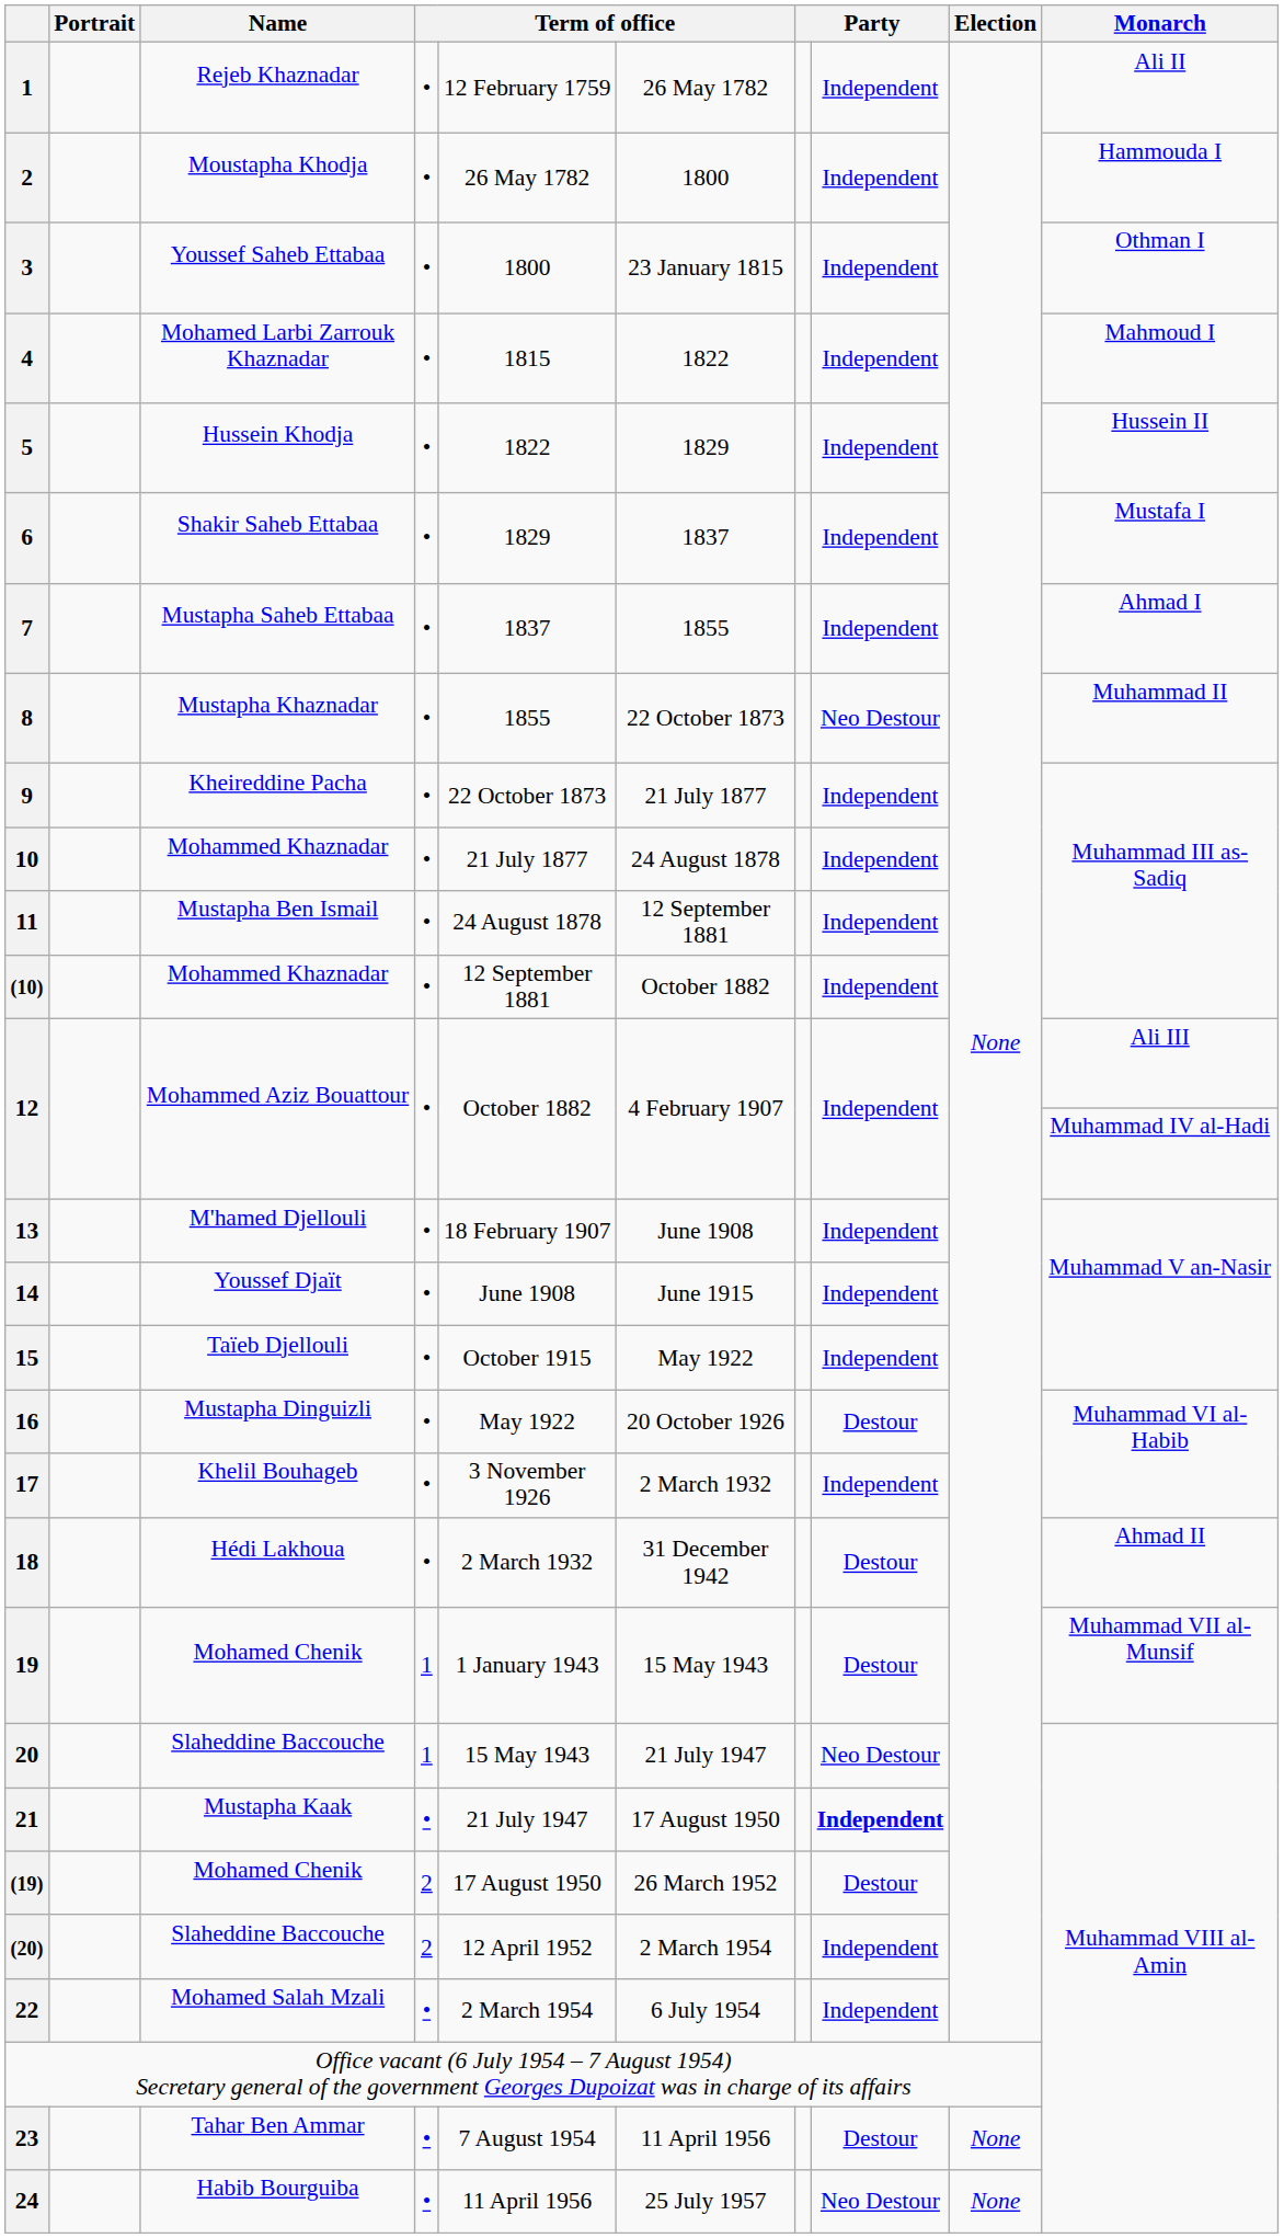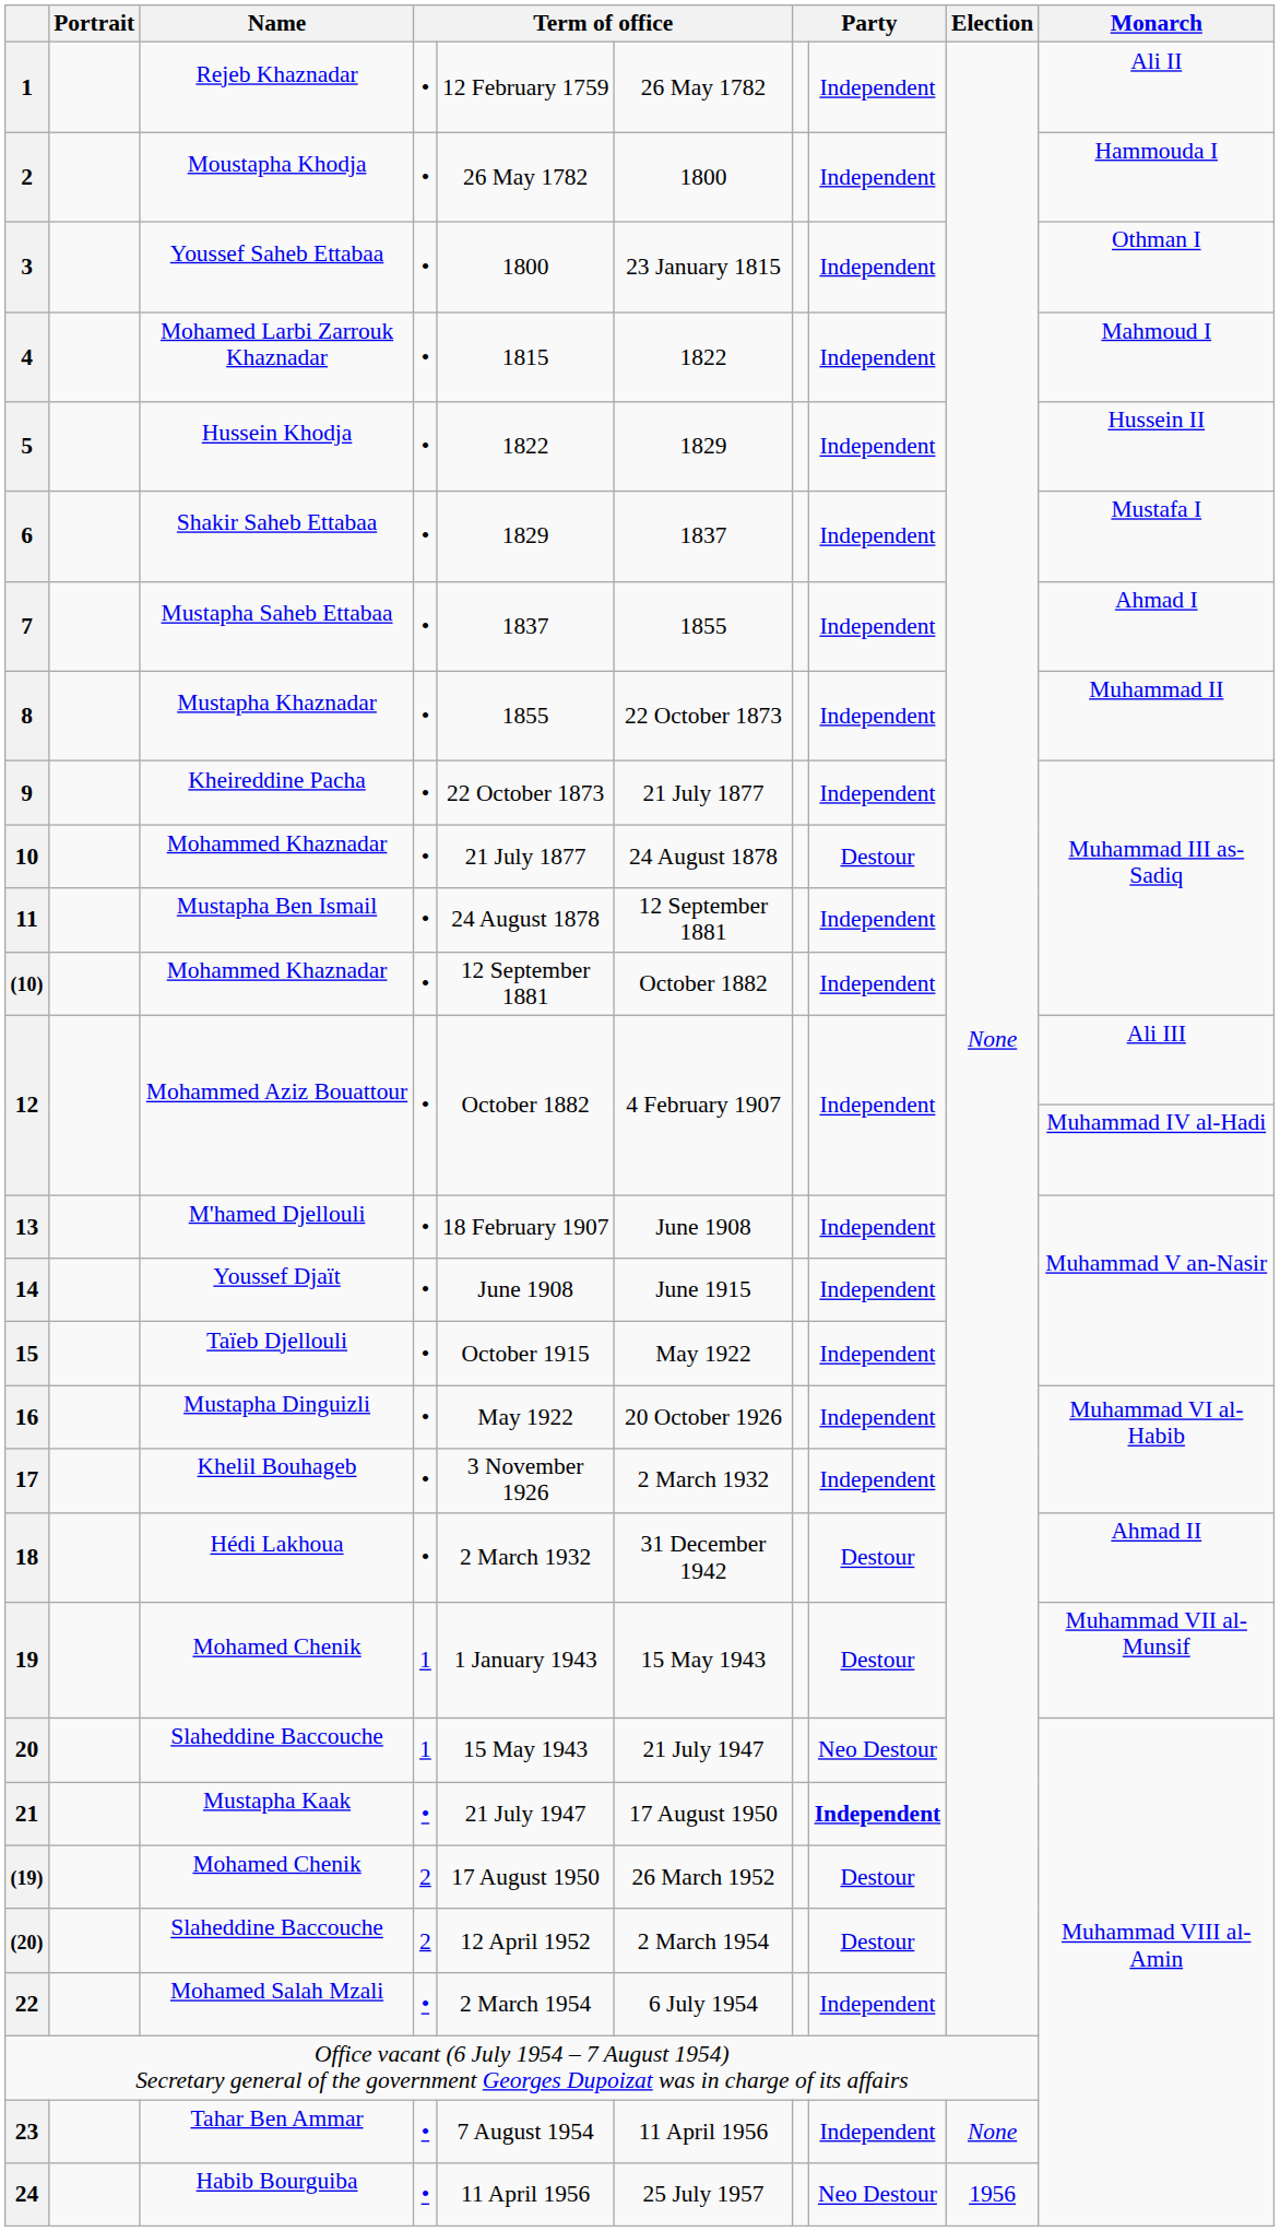 <table class="wikitable" style="text-align:center">
 <tr>
 <th></th>
 <th>Portrait</th>
 <th width=180>Name<br></th>
 <th colspan=3>Term of office</th>
 <th colspan=2>Party</th>
 <th>Election</th>
 <th><a href='#'>Monarch<br></a></th>
 </tr>
 <tr>
 <th>1</th>
 <td></td>
 <td><a href='#'>Rejeb Khaznadar</a><br><br></td>
 <td>•</td>
 <td>12 February 1759</td>
 <td>26 May 1782</td>
 <td style="background:"> </td>
 <td><a href='#'>Independent</a></td>
 <td rowspan="26"><em><a href='#'>None</a></em></td>
 <td><a href='#'>Ali II</a><br><br><br></td>
 </tr>
 <tr>
 <th>2</th>
 <td></td>
 <td><a href='#'>Moustapha Khodja</a><br><br></td>
 <td>•</td>
 <td>26 May 1782</td>
 <td>1800</td>
 <td style="background:"> </td>
 <td><a href='#'>Independent</a></td>
 <td><a href='#'>Hammouda I</a><br><br><br></td>
 </tr>
 <tr>
 <th>3</th>
 <td></td>
 <td><a href='#'>Youssef Saheb Ettabaa</a><br><br></td>
 <td>•</td>
 <td>1800</td>
 <td>23 January 1815</td>
 <td style="background:"> </td>
 <td><a href='#'>Independent</a></td>
 <td><a href='#'>Othman I</a><br><br><br></td>
 </tr>
 <tr>
 <th>4</th>
 <td></td>
 <td><a href='#'>Mohamed Larbi Zarrouk Khaznadar</a><br><br></td>
 <td>•</td>
 <td>1815</td>
 <td>1822</td>
 <td style="background:"> </td>
 <td><a href='#'>Independent</a></td>
 <td><a href='#'>Mahmoud I</a><br><br><br></td>
 </tr>
 <tr>
 <th>5</th>
 <td></td>
 <td><a href='#'>Hussein Khodja</a><br><br></td>
 <td>•</td>
 <td>1822</td>
 <td>1829</td>
 <td style="background:"> </td>
 <td><a href='#'>Independent</a></td>
 <td><a href='#'>Hussein II</a><br><br><br></td>
 </tr>
 <tr>
 <th>6</th>
 <td></td>
 <td><a href='#'>Shakir Saheb Ettabaa</a><br><br></td>
 <td>•</td>
 <td>1829</td>
 <td>1837</td>
 <td style="background:"> </td>
 <td><a href='#'>Independent</a></td>
 <td><a href='#'>Mustafa I</a><br><br> <br></td>
 </tr>
 <tr>
 <th>7</th>
 <td></td>
 <td><a href='#'>Mustapha Saheb Ettabaa</a><br><br></td>
 <td>•</td>
 <td>1837</td>
 <td>1855</td>
 <td style="background:"> </td>
 <td><a href='#'>Independent</a></td>
 <td><a href='#'>Ahmad I</a><br><br><br></td>
 </tr>
 <tr>
 <th>8</th>
 <td></td>
 <td><a href='#'>Mustapha Khaznadar</a><br><br></td>
 <td>•</td>
 <td>1855</td>
 <td>22 October 1873</td>
 <td style="background:"> </td>
-<td><a href='#'>Neo Destour</a></td>
+<td><a href='#'>Independent</a></td>
 <td><a href='#'>Muhammad II</a><br><br><br></td>
 </tr>
 <tr>
 <th>9</th>
 <td></td>
 <td><a href='#'>Kheireddine Pacha</a><br><br></td>
 <td>•</td>
 <td>22 October 1873</td>
 <td>21 July 1877</td>
 <td style="background:"> </td>
 <td><a href='#'>Independent</a></td>
 <td rowspan="4"><a href='#'>Muhammad III as-Sadiq</a><br><br><br></td>
 </tr>
 <tr>
 <th>10</th>
 <td></td>
 <td><a href='#'>Mohammed Khaznadar</a><br><br></td>
 <td>•</td>
 <td>21 July 1877</td>
 <td>24 August 1878</td>
 <td style="background:"> </td>
-<td><a href='#'>Independent</a></td>
+<td><a href='#'>Destour</a></td>
 </tr>
 <tr>
 <th>11</th>
 <td></td>
 <td><a href='#'>Mustapha Ben Ismail</a><br><br></td>
 <td>•</td>
 <td>24 August 1878</td>
 <td>12 September 1881</td>
 <td style="background:"> </td>
 <td><a href='#'>Independent</a></td>
 </tr>
 <tr>
 <th><small>(10)</small></th>
 <td></td>
 <td><a href='#'>Mohammed Khaznadar</a><br><br></td>
 <td>•</td>
 <td>12 September 1881</td>
 <td>October 1882</td>
 <td style="background:"> </td>
 <td><a href='#'>Independent</a></td>
 </tr>
 <tr>
 <th rowspan=2>12</th>
 <td rowspan=2></td>
 <td rowspan=2><a href='#'>Mohammed Aziz Bouattour</a><br><br></td>
 <td rowspan=2>•</td>
 <td rowspan=2>October 1882</td>
 <td rowspan=2>4 February 1907</td>
 <td rowspan=2 ! style="background:"> </td>
 <td rowspan=2><a href='#'>Independent</a></td>
 <td><a href='#'>Ali III</a><br><br> <br></td>
 </tr>
 <tr>
 <td><a href='#'>Muhammad IV al-Hadi</a><br><br> <br></td>
 </tr>
 <tr>
 <th>13</th>
 <td></td>
 <td><a href='#'>M'hamed Djellouli</a><br><br></td>
 <td>•</td>
 <td>18 February 1907</td>
 <td>June 1908</td>
 <td style="background:"> </td>
 <td><a href='#'>Independent</a></td>
 <td rowspan="3"><a href='#'>Muhammad V an-Nasir</a><br><br> <br></td>
 </tr>
 <tr>
 <th>14</th>
 <td></td>
 <td><a href='#'>Youssef Djaït</a><br><br></td>
 <td>•</td>
 <td>June 1908</td>
 <td>June 1915</td>
 <td style="background:"> </td>
 <td><a href='#'>Independent</a></td>
 </tr>
 <tr>
 <th>15</th>
 <td></td>
 <td><a href='#'>Taïeb Djellouli</a><br><br></td>
 <td>•</td>
 <td>October 1915</td>
 <td>May 1922</td>
 <td style="background:"> </td>
 <td><a href='#'>Independent</a></td>
 </tr>
 <tr>
 <th>16</th>
 <td></td>
 <td><a href='#'>Mustapha Dinguizli</a><br><br></td>
 <td>•</td>
 <td>May 1922</td>
 <td>20 October 1926</td>
 <td style="background:"> </td>
-<td><a href='#'>Destour</a></td>
+<td><a href='#'>Independent</a></td>
 <td rowspan="2"><a href='#'>Muhammad VI al-Habib</a><br><br> <br></td>
 </tr>
 <tr>
 <th>17</th>
 <td></td>
 <td><a href='#'>Khelil Bouhageb</a><br><br></td>
 <td>•</td>
 <td>3 November 1926</td>
 <td>2 March 1932</td>
 <td style="background:"> </td>
 <td><a href='#'>Independent</a></td>
 </tr>
 <tr>
 <th>18</th>
 <td></td>
 <td><a href='#'>Hédi Lakhoua</a><br><br></td>
 <td>•</td>
 <td>2 March 1932</td>
 <td>31 December 1942</td>
 <td style="background:"> </td>
 <td><a href='#'>Destour</a></td>
 <td><a href='#'>Ahmad II</a><br><br> <br></td>
 </tr>
 <tr>
 <th>19</th>
 <td></td>
 <td><a href='#'>Mohamed Chenik</a><br><br></td>
 <td><a href='#'>1</a></td>
 <td>1 January 1943</td>
 <td>15 May 1943</td>
 <td style="background:"> </td>
 <td><a href='#'>Destour</a></td>
 <td><a href='#'>Muhammad VII al-Munsif</a><br><br> <br></td>
 </tr>
 <tr>
 <th>20</th>
 <td></td>
 <td><a href='#'>Slaheddine Baccouche</a><br><br></td>
 <td><a href='#'>1</a></td>
 <td>15 May 1943</td>
 <td>21 July 1947</td>
 <td style="background:"> </td>
 <td><a href='#'>Neo Destour</a></td>
 <td rowspan="8"><a href='#'>Muhammad VIII al-Amin</a><br><br> <br></td>
 </tr>
 <tr>
 <th>21</th>
 <td></td>
 <td><a href='#'>Mustapha Kaak</a><br><br></td>
 <td><a href='#'>•</a></td>
 <td>21 July 1947</td>
 <td>17 August 1950</td>
 <td style="background:"> </td>
 <td><strong><a href='#'>Independent</a></strong></td>
 </tr>
 <tr>
 <th><small>(19)</small></th>
 <td></td>
 <td><a href='#'>Mohamed Chenik</a><br><br></td>
 <td><a href='#'>2</a></td>
 <td>17 August 1950</td>
 <td>26 March 1952</td>
 <td style="background:"> </td>
 <td><a href='#'>Destour</a></td>
 </tr>
 <tr>
 <th><small>(20)</small></th>
 <td></td>
 <td><a href='#'>Slaheddine Baccouche</a><br><br></td>
 <td><a href='#'>2</a></td>
 <td>12 April 1952</td>
 <td>2 March 1954</td>
 <td style="background:"> </td>
-<td><a href='#'>Independent</a></td>
+<td><a href='#'>Destour</a></td>
 </tr>
 <tr>
 <th>22</th>
 <td></td>
 <td><a href='#'>Mohamed Salah Mzali</a><br><br></td>
 <td><a href='#'>•</a></td>
 <td>2 March 1954</td>
 <td>6 July 1954</td>
 <td style="background:"> </td>
 <td><a href='#'>Independent</a></td>
 </tr>
 <tr>
 <td colspan="9"><em>Office vacant (6 July 1954 – 7 August 1954)</em><br><em>Secretary general of the government <a href='#'>Georges Dupoizat</a> was in charge of its affairs</em></td>
 </tr>
 <tr>
 <th>23</th>
 <td></td>
 <td><a href='#'>Tahar Ben Ammar</a><br><br></td>
 <td><a href='#'>•</a></td>
 <td>7 August 1954</td>
 <td>11 April 1956</td>
 <td style="background:"> </td>
-<td><a href='#'>Destour</a></td>
+<td><a href='#'>Independent</a></td>
 <td><em><a href='#'>None</a></em></td>
 </tr>
 <tr>
 <th>24</th>
 <td></td>
 <td><a href='#'>Habib Bourguiba</a><br><br></td>
 <td><a href='#'>•</a></td>
 <td>11 April 1956</td>
 <td>25 July 1957</td>
 <td style="background:"> </td>
 <td><a href='#'>Neo Destour</a></td>
-<td><em><a href='#'>None</a></em></td>
+<td><a href='#'>1956</a></td>
 </tr>
 </table>
